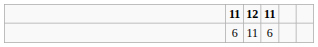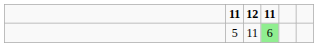 <table class="wikitable">
 <tr>
 <td style="width:18em"><strong></strong></td>
 <td align=center style="width:1em"><strong>11</strong></td>
 <td align=center style="width:1em"><strong>12</strong></td>
 <td align=center style="width:1em"><strong>11</strong></td>
 <td align=center style="width:1em"></td>
 <td align=center style="width:1em"></td>
 </tr>
 <tr>
 <td style="width:18em"></td>
-<td align=center style="width:1em">6</td>
+<td align=center style="width:1em">5</td>
 <td align=center style="width:1em">11</td>
-<td align=center style="width:1em">6</td>
+<td align=center style="background: lightgreen; width:1em">6</td>
 <td align=center style="width:1em"></td>
 <td align=center style="width:1em"></td>
 </tr>
 </table>
